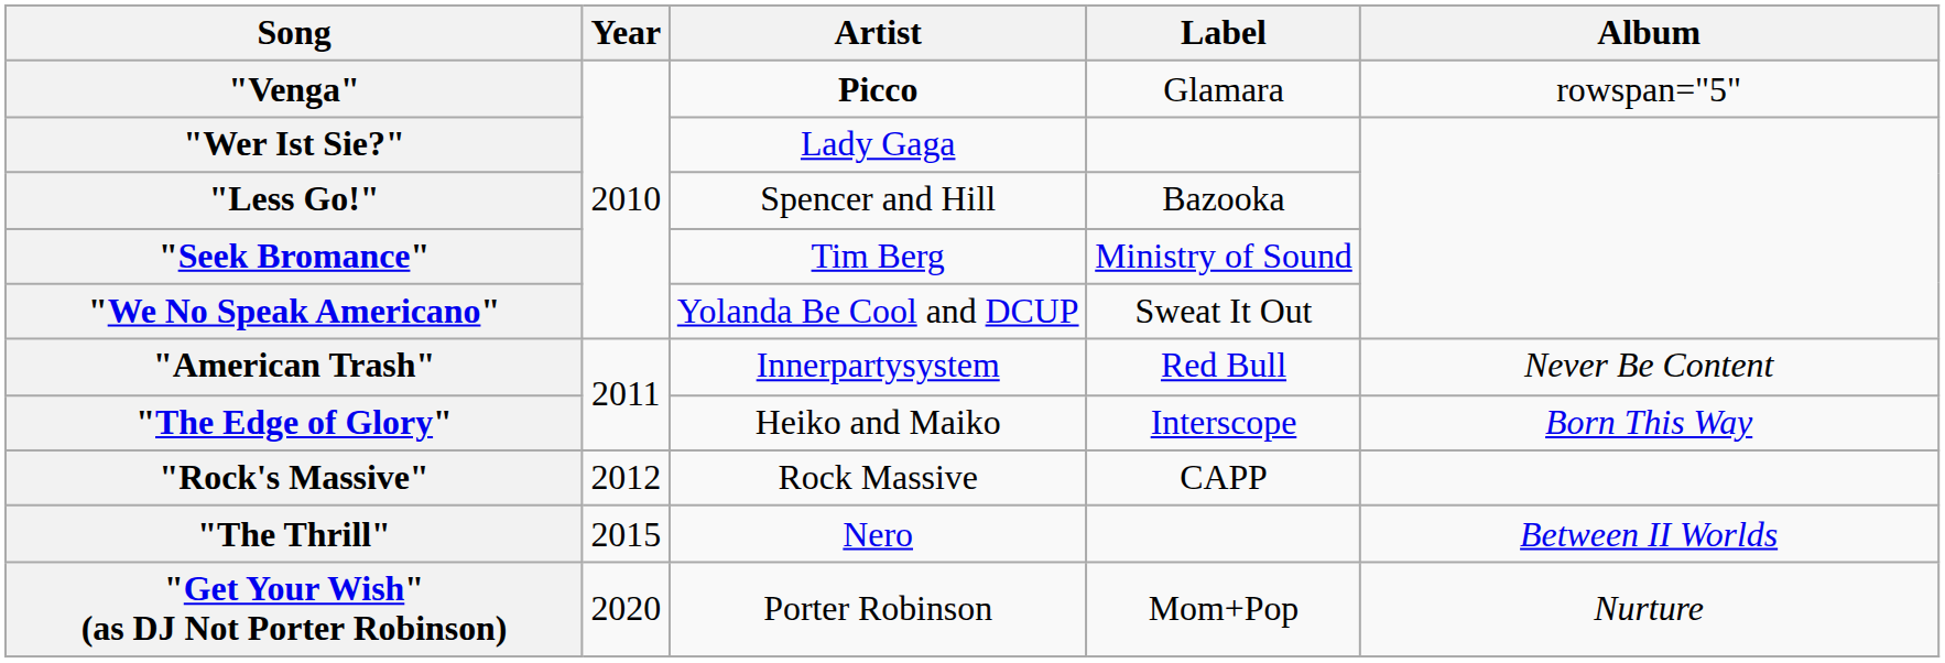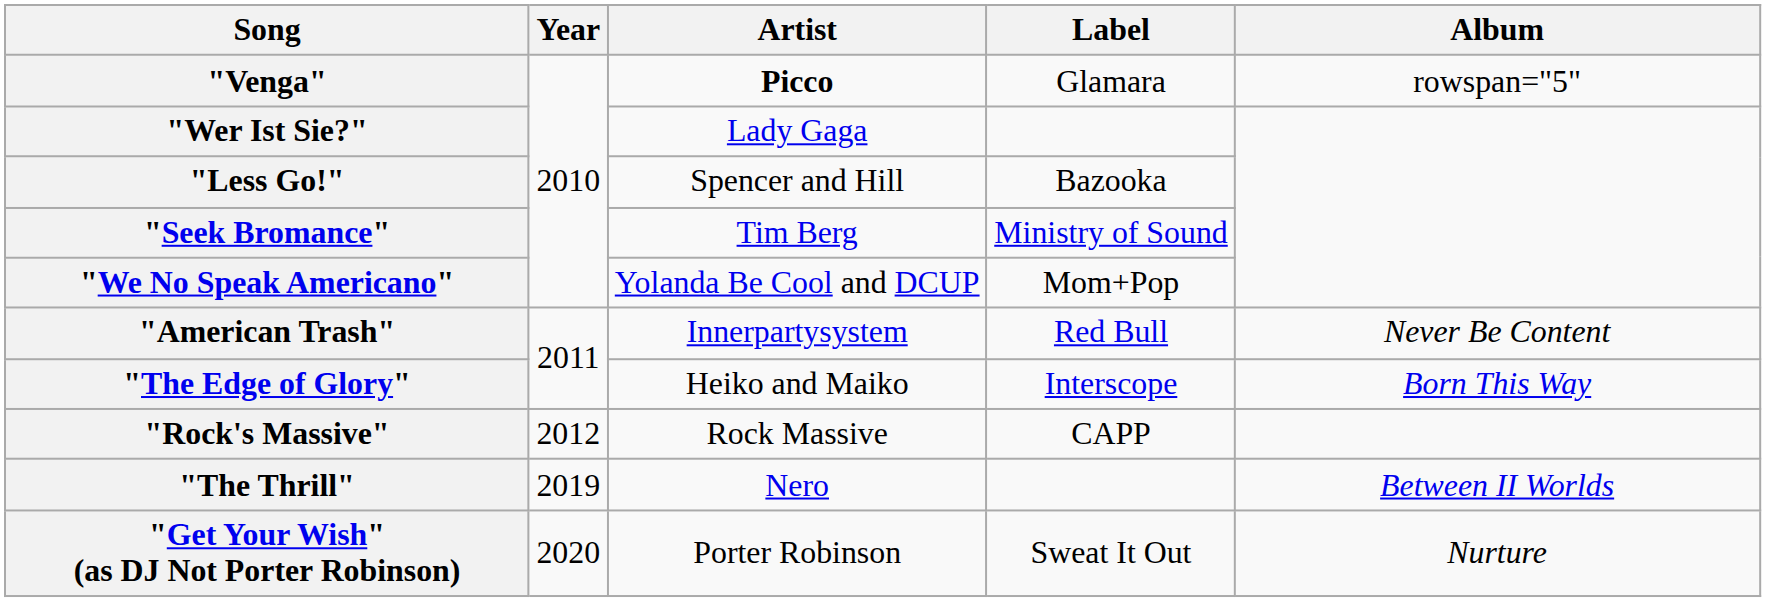 <table class="wikitable plainrowheaders" style="text-align:center;">
 <tr>
 <th scope="col" style="width:16em">Song</th>
 <th scope="col">Year</th>
 <th scope="col">Artist</th>
 <th scope="col">Label</th>
 <th scope="col" style="width:16em">Album</th>
 </tr>
 <tr>
 <th scope="row">"Venga"</th>
 <td rowspan="5">2010</td>
 <td><strong>Picco</strong></td>
 <td>Glamara</td>
 <td>rowspan="5" </td>
 </tr>
 <tr>
 <th scope="row">"Wer Ist Sie?"</th>
 <td><a href='#'>Lady Gaga</a></td>
 <td></td>
 </tr>
 <tr>
 <th scope="row">"Less Go!"</th>
 <td>Spencer and Hill</td>
 <td>Bazooka</td>
 </tr>
 <tr>
 <th scope="row">"<a href='#'>Seek Bromance</a>"</th>
 <td><a href='#'>Tim Berg</a></td>
 <td><a href='#'>Ministry of Sound</a></td>
 </tr>
 <tr>
 <th scope="row">"<a href='#'>We No Speak Americano</a>"</th>
 <td><a href='#'>Yolanda Be Cool</a> and <a href='#'>DCUP</a></td>
-<td>Sweat It Out</td>
+<td>Mom+Pop</td>
 </tr>
 <tr>
 <th scope="row">"American Trash"</th>
 <td rowspan="2">2011</td>
 <td><a href='#'>Innerpartysystem</a></td>
 <td><a href='#'>Red Bull</a></td>
 <td><em>Never Be Content</em></td>
 </tr>
 <tr>
 <th scope="row">"<a href='#'>The Edge of Glory</a>"</th>
 <td>Heiko and Maiko</td>
 <td><a href='#'>Interscope</a></td>
 <td><em><a href='#'>Born This Way</a></em></td>
 </tr>
 <tr>
 <th scope="row">"Rock's Massive"</th>
 <td>2012</td>
 <td>Rock Massive</td>
 <td>CAPP</td>
 <td></td>
 </tr>
 <tr>
 <th scope="row">"The Thrill"</th>
-<td>2015</td>
+<td>2019</td>
 <td><a href='#'>Nero</a></td>
 <td></td>
 <td><em><a href='#'>Between II Worlds</a></em></td>
 </tr>
 <tr>
 <th scope="row">"<a href='#'>Get Your Wish</a>"<br><span>(as DJ Not Porter Robinson)</span></th>
 <td>2020</td>
 <td>Porter Robinson</td>
-<td>Mom+Pop</td>
+<td>Sweat It Out</td>
 <td><em>Nurture</em></td>
 </tr>
 </table>
